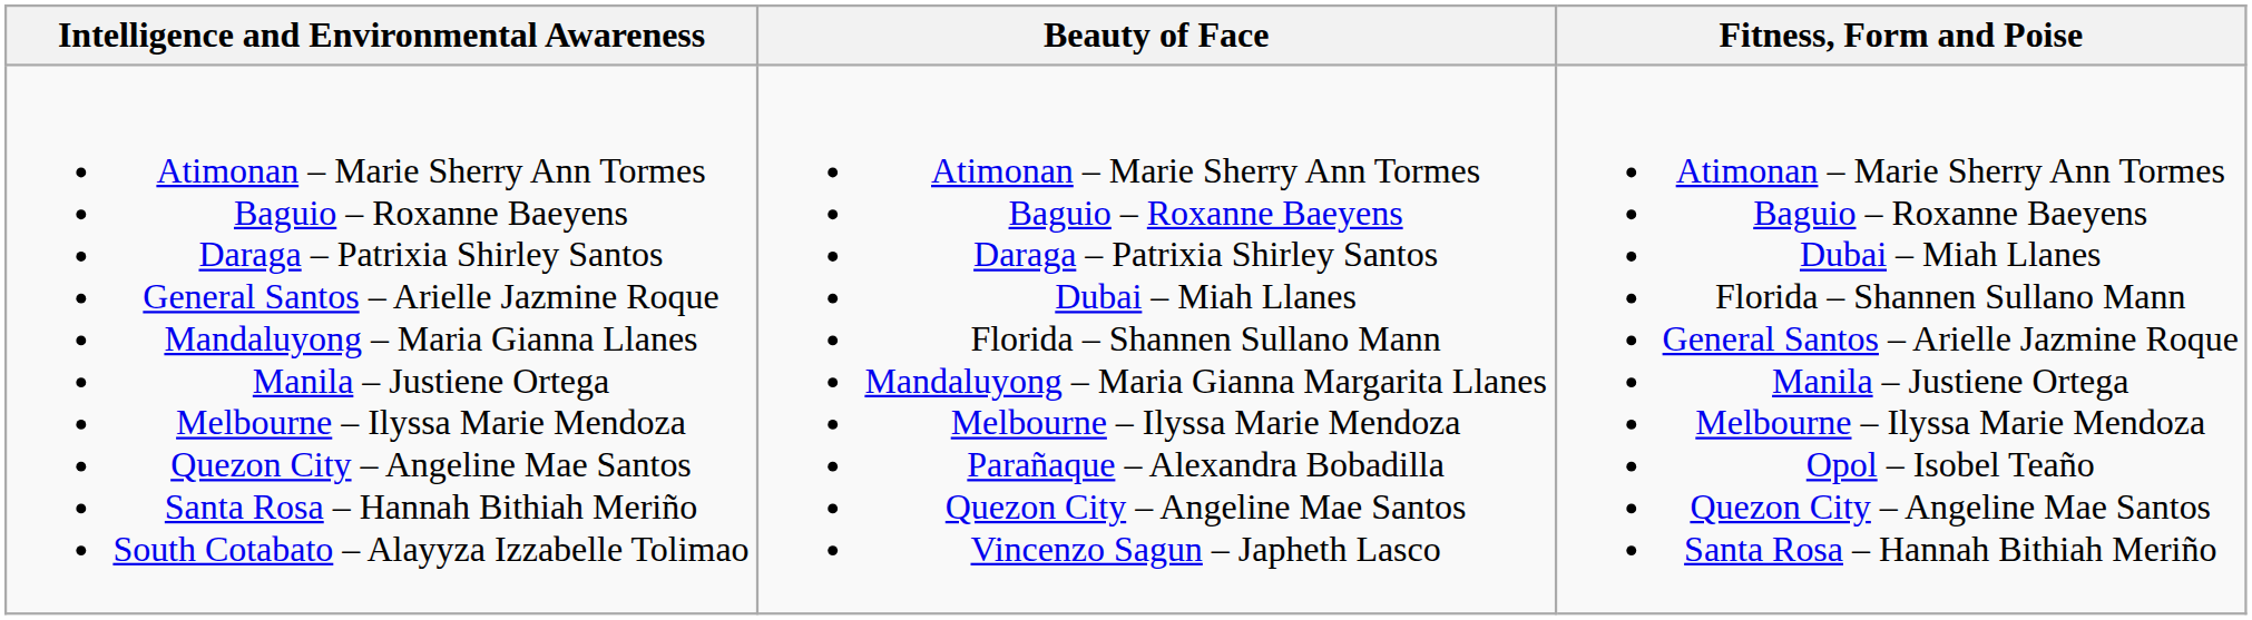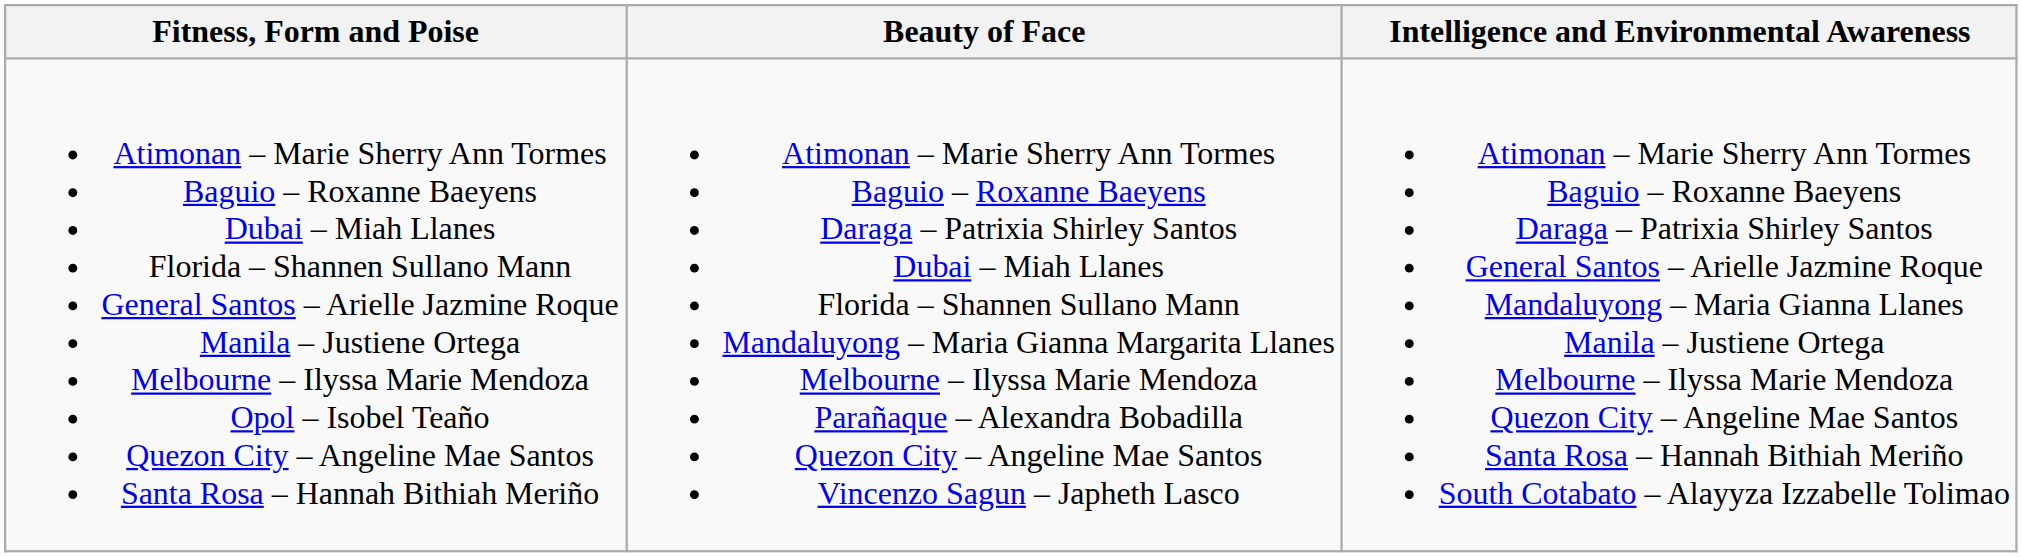 <table class="wikitable " style="font-size: 90%; text-align:center;">
 <tr>
+<th>Fitness, Form and Poise</th>
+<th>Beauty of Face</th>
 <th>Intelligence and Environmental Awareness</th>
-<th>Beauty of Face</th>
-<th>Fitness, Form and Poise</th>
 </tr>
 <tr>
+<td><br><ul><li><a href='#'>Atimonan</a> – Marie Sherry Ann Tormes</li><li><a href='#'>Baguio</a> – Roxanne Baeyens</li><li><a href='#'>Dubai</a> – Miah Llanes</li><li>Florida – Shannen Sullano Mann</li><li><a href='#'>General Santos</a> – Arielle Jazmine Roque</li><li><a href='#'>Manila</a> – Justiene Ortega</li><li><a href='#'>Melbourne</a> – Ilyssa Marie Mendoza</li><li><a href='#'>Opol</a> – Isobel Teaño</li><li><a href='#'>Quezon City</a> – Angeline Mae Santos</li><li><a href='#'>Santa Rosa</a> – Hannah Bithiah Meriño</li></ul></td>
+<td><br><ul><li><a href='#'>Atimonan</a> – Marie Sherry Ann Tormes</li><li><a href='#'>Baguio</a> – <a href='#'>Roxanne Baeyens</a></li><li><a href='#'>Daraga</a> – Patrixia Shirley Santos</li><li><a href='#'>Dubai</a> – Miah Llanes</li><li>Florida – Shannen Sullano Mann</li><li><a href='#'>Mandaluyong</a> – Maria Gianna Margarita Llanes</li><li><a href='#'>Melbourne</a> – Ilyssa Marie Mendoza</li><li><a href='#'>Parañaque</a> – Alexandra Bobadilla</li><li><a href='#'>Quezon City</a> – Angeline Mae Santos</li><li><a href='#'>Vincenzo Sagun</a> – Japheth Lasco</li></ul></td>
 <td><br><ul><li><a href='#'>Atimonan</a> – Marie Sherry Ann Tormes</li><li><a href='#'>Baguio</a> – Roxanne Baeyens</li><li><a href='#'>Daraga</a> – Patrixia Shirley Santos</li><li><a href='#'>General Santos</a> – Arielle Jazmine Roque</li><li><a href='#'>Mandaluyong</a> – Maria Gianna Llanes</li><li><a href='#'>Manila</a> – Justiene Ortega</li><li><a href='#'>Melbourne</a> – Ilyssa Marie Mendoza</li><li><a href='#'>Quezon City</a> – Angeline Mae Santos</li><li><a href='#'>Santa Rosa</a> – Hannah Bithiah Meriño</li><li><a href='#'>South Cotabato</a> – Alayyza Izzabelle Tolimao</li></ul></td>
-<td><br><ul><li><a href='#'>Atimonan</a> – Marie Sherry Ann Tormes</li><li><a href='#'>Baguio</a> – <a href='#'>Roxanne Baeyens</a></li><li><a href='#'>Daraga</a> – Patrixia Shirley Santos</li><li><a href='#'>Dubai</a> – Miah Llanes</li><li>Florida – Shannen Sullano Mann</li><li><a href='#'>Mandaluyong</a> – Maria Gianna Margarita Llanes</li><li><a href='#'>Melbourne</a> – Ilyssa Marie Mendoza</li><li><a href='#'>Parañaque</a> – Alexandra Bobadilla</li><li><a href='#'>Quezon City</a> – Angeline Mae Santos</li><li><a href='#'>Vincenzo Sagun</a> – Japheth Lasco</li></ul></td>
-<td><br><ul><li><a href='#'>Atimonan</a> – Marie Sherry Ann Tormes</li><li><a href='#'>Baguio</a> – Roxanne Baeyens</li><li><a href='#'>Dubai</a> – Miah Llanes</li><li>Florida – Shannen Sullano Mann</li><li><a href='#'>General Santos</a> – Arielle Jazmine Roque</li><li><a href='#'>Manila</a> – Justiene Ortega</li><li><a href='#'>Melbourne</a> – Ilyssa Marie Mendoza</li><li><a href='#'>Opol</a> – Isobel Teaño</li><li><a href='#'>Quezon City</a> – Angeline Mae Santos</li><li><a href='#'>Santa Rosa</a> – Hannah Bithiah Meriño</li></ul></td>
 </tr>
 </table>
